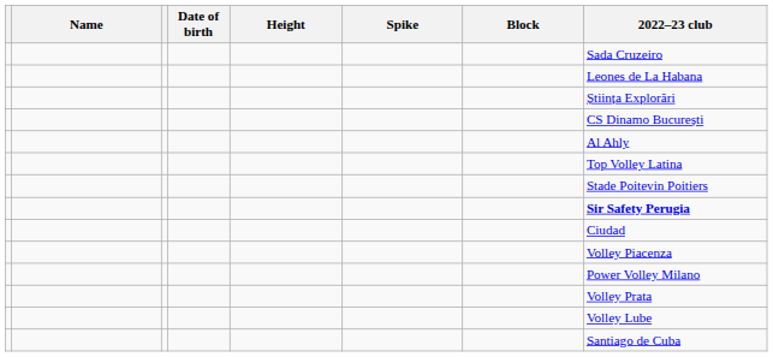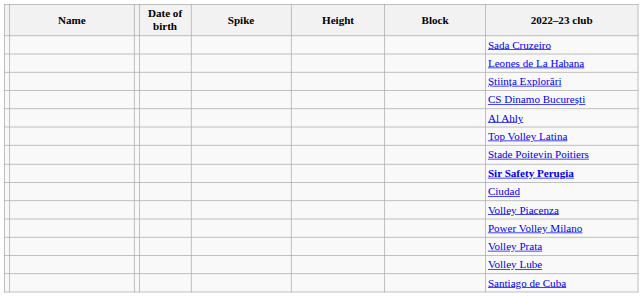 <table class="wikitable sortable" style="font-size:95%; text-align:center;">
 <tr>
 <th></th>
 <th style="width:14em">Name</th>
 <th></th>
 <th style="width:5em">Date of birth</th>
+<th style="width:11em">Spike</th>
 <th style="width:10em">Height</th>
-<th style="width:11em">Spike</th>
 <th style="width:11em">Block</th>
 <th style="width:17em">2022–23 club</th>
 </tr>
 <tr>
 <td></td>
 <td align=left> </td>
 <td></td>
 <td align=right></td>
 <td></td>
 <td></td>
 <td></td>
 <td align=left> <a href='#'>Sada Cruzeiro</a></td>
 </tr>
 <tr>
 <td></td>
 <td align=left></td>
 <td></td>
 <td align=right></td>
 <td></td>
 <td></td>
 <td></td>
 <td align=left> <a href='#'>Leones de La Habana</a></td>
 </tr>
 <tr>
 <td></td>
 <td align=left></td>
 <td></td>
 <td align=right></td>
 <td></td>
 <td></td>
 <td></td>
 <td align=left> <a href='#'>Știința Explorări</a></td>
 </tr>
 <tr>
 <td></td>
 <td align=left></td>
 <td></td>
 <td align=right></td>
 <td></td>
 <td></td>
 <td></td>
 <td align=left> <a href='#'>CS Dinamo București</a></td>
 </tr>
 <tr>
 <td></td>
 <td align=left></td>
 <td></td>
 <td align=right></td>
 <td></td>
 <td></td>
 <td></td>
 <td align=left> <a href='#'>Al Ahly</a></td>
 </tr>
 <tr>
 <td></td>
 <td align=left></td>
 <td></td>
 <td align=right></td>
 <td></td>
 <td></td>
 <td></td>
 <td align=left> <a href='#'>Top Volley Latina</a></td>
 </tr>
 <tr>
 <td></td>
 <td align=left></td>
 <td></td>
 <td align=right></td>
 <td></td>
 <td></td>
 <td></td>
 <td align=left> <a href='#'>Stade Poitevin Poitiers</a></td>
 </tr>
 <tr>
 <td></td>
 <td align=left></td>
 <td></td>
 <td align=right></td>
 <td></td>
 <td></td>
 <td></td>
 <td align=left><strong> <a href='#'>Sir Safety Perugia</a></strong></td>
 </tr>
 <tr>
 <td></td>
 <td align=left></td>
 <td></td>
 <td align=right></td>
 <td></td>
 <td></td>
 <td></td>
 <td align=left> <a href='#'>Ciudad</a></td>
 </tr>
 <tr>
 <td></td>
 <td align=left></td>
 <td></td>
 <td align=right></td>
 <td></td>
 <td></td>
 <td></td>
 <td align=left> <a href='#'>Volley Piacenza</a></td>
 </tr>
 <tr>
 <td></td>
 <td align=left></td>
 <td></td>
 <td align=right></td>
 <td></td>
 <td></td>
 <td></td>
 <td align=left> <a href='#'>Power Volley Milano</a></td>
 </tr>
 <tr>
 <td></td>
 <td align=left></td>
 <td></td>
 <td align=right></td>
 <td></td>
 <td></td>
 <td></td>
 <td align=left> <a href='#'>Volley Prata</a></td>
 </tr>
 <tr>
 <td></td>
 <td align=left></td>
 <td></td>
 <td align=right></td>
 <td></td>
 <td></td>
 <td></td>
 <td align=left> <a href='#'>Volley Lube</a></td>
 </tr>
 <tr>
 <td></td>
 <td align=left></td>
 <td></td>
 <td align=right></td>
 <td></td>
 <td></td>
 <td></td>
 <td align=left> <a href='#'>Santiago de Cuba</a></td>
 </tr>
 </table>
